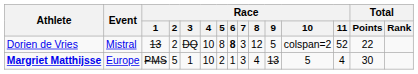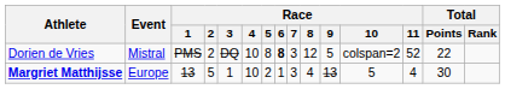 <table class=wikitable style=font-size:90%;text-align:center>
 <tr>
 <th rowspan=2>Athlete</th>
 <th rowspan=2>Event</th>
 <th colspan=11>Race</th>
 <th colspan=2>Total</th>
 </tr>
 <tr style=font-size:95%>
 <th>1</th>
 <th>2</th>
 <th>3</th>
 <th>4</th>
 <th>5</th>
 <th>6</th>
 <th>7</th>
 <th>8</th>
 <th>9</th>
 <th>10</th>
 <th>11</th>
 <th>Points</th>
 <th>Rank</th>
 </tr>
 <tr>
 <td align=left><a href='#'>Dorien de Vries</a></td>
 <td align=left><a href='#'>Mistral</a></td>
-<td><s>13</s></td>
+<td><s>PMS</s></td>
 <td>2</td>
 <td><s>DQ</s></td>
 <td>10</td>
 <td>8</td>
 <td><strong>8</strong></td>
 <td>3</td>
 <td>12</td>
 <td>5</td>
 <td>colspan=2 </td>
 <td>52</td>
 <td>22</td>
 </tr>
 <tr>
 <td align=left><strong><a href='#'>Margriet Matthijsse</a></strong></td>
 <td align=left><a href='#'>Europe</a></td>
-<td><s>PMS</s></td>
+<td><s>13</s></td>
 <td>5</td>
 <td>1</td>
 <td>10</td>
 <td>2</td>
 <td>1</td>
 <td>3</td>
 <td>4</td>
 <td><s>13</s></td>
 <td>5</td>
 <td>4</td>
 <td>30</td>
 <td></td>
 </tr>
 </table>
